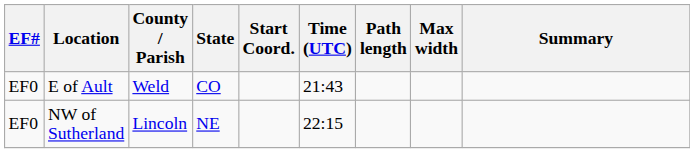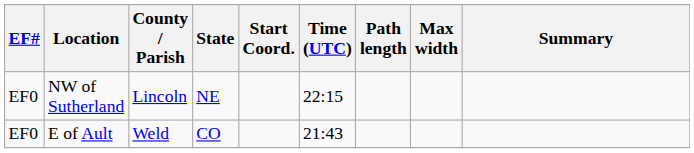 <table class="wikitable sortable" style="width:100%;">
 <tr>
 <th scope="col"  style="width:3%; text-align:center;"><a href='#'>EF#</a></th>
 <th scope="col"  style="width:7%; text-align:center;" class="unsortable">Location</th>
 <th scope="col"  style="width:6%; text-align:center;" class="unsortable">County / Parish</th>
 <th scope="col"  style="width:5%; text-align:center;">State</th>
 <th scope="col"  style="width:6%; text-align:center;">Start Coord.</th>
 <th scope="col"  style="width:6%; text-align:center;">Time (<a href='#'>UTC</a>)</th>
 <th scope="col"  style="width:6%; text-align:center;">Path length</th>
 <th scope="col"  style="width:6%; text-align:center;">Max width</th>
 <th scope="col" class="unsortable" style="width:48%; text-align:center;">Summary</th>
 </tr>
 <tr>
 <td>EF0</td>
+<td>NW of <a href='#'>Sutherland</a></td>
+<td><a href='#'>Lincoln</a></td>
+<td><a href='#'>NE</a></td>
+<td></td>
+<td>22:15</td>
+<td></td>
+<td></td>
+<td></td>
+</tr>
+<tr>
+<td>EF0</td>
 <td>E of <a href='#'>Ault</a></td>
 <td><a href='#'>Weld</a></td>
 <td><a href='#'>CO</a></td>
 <td></td>
 <td>21:43</td>
 <td></td>
 <td></td>
 <td></td>
 </tr>
 <tr>
-<td>EF0</td>
-<td>NW of <a href='#'>Sutherland</a></td>
-<td><a href='#'>Lincoln</a></td>
-<td><a href='#'>NE</a></td>
-<td></td>
-<td>22:15</td>
-<td></td>
-<td></td>
-<td></td>
-</tr>
-<tr>
 </tr>
 </table>
